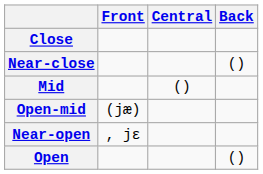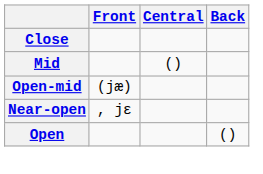 <table class="wikitable" style="text-align:center; display: inline-table; vertical-align: top;">
 <tr>
 <th></th>
 <th><a href='#'>Front</a></th>
 <th><a href='#'>Central</a></th>
 <th><a href='#'>Back</a></th>
 </tr>
 <tr>
 <th><a href='#'>Close</a></th>
 <td></td>
 <td></td>
 <td></td>
-</tr>
-<tr>
-<th><a href='#'>Near-close</a></th>
-<td></td>
-<td></td>
-<td>()</td>
 </tr>
 <tr>
 <th><a href='#'>Mid</a></th>
 <td></td>
 <td>()</td>
 <td></td>
 </tr>
 <tr>
 <th><a href='#'>Open-mid</a></th>
 <td>(jæ)</td>
 <td></td>
 <td></td>
 </tr>
 <tr>
 <th><a href='#'>Near-open</a></th>
 <td>, jɛ</td>
 <td></td>
 <td></td>
 </tr>
 <tr>
 <th><a href='#'>Open</a></th>
 <td></td>
 <td></td>
 <td>()</td>
 </tr>
 </table>
